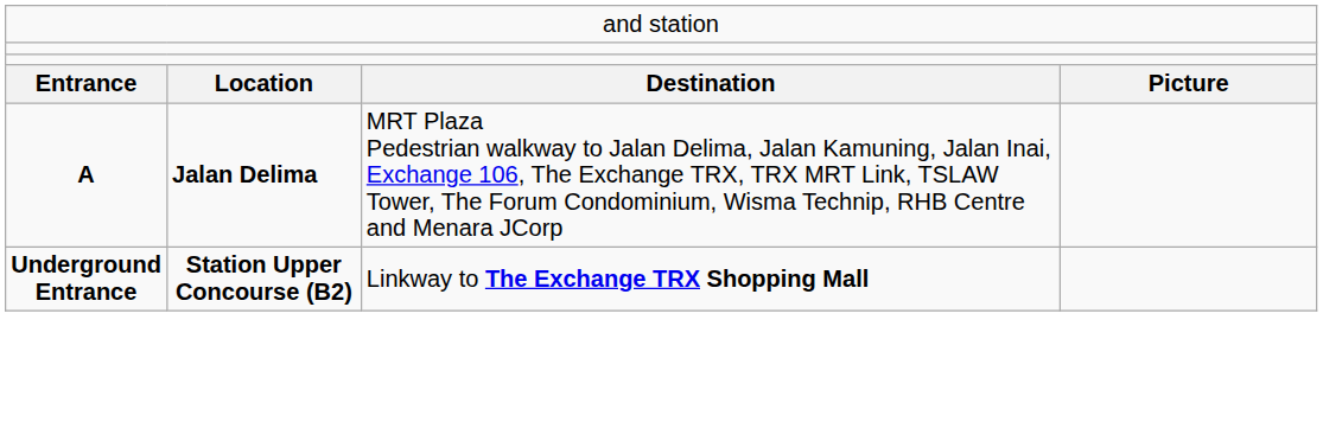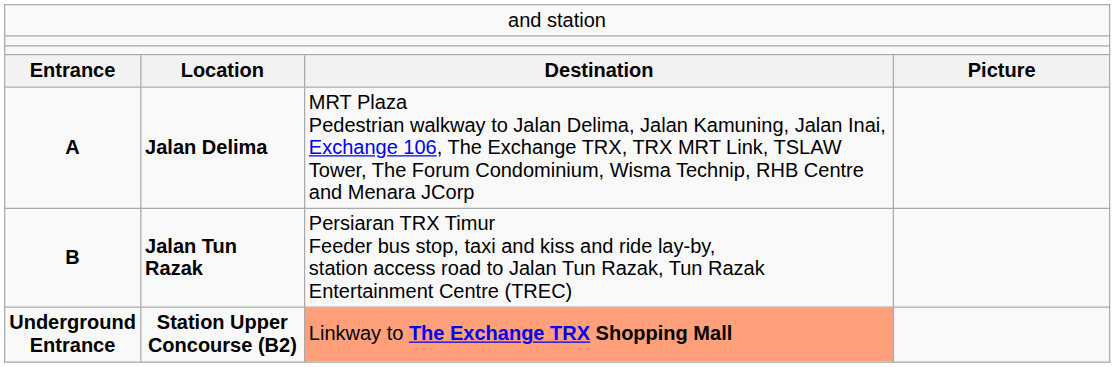 <table class="wikitable" style="width:70%">
 <tr>
 <td colspan=4 align="center"> and  station</td>
 </tr>
 <tr>
 <td colspan=4 align="center" bgcolor=></td>
 </tr>
 <tr>
 <td colspan=4 align="center" bgcolor=></td>
 </tr>
 <tr>
 <th style="width:10%">Entrance</th>
 <th style="width:15%">Location</th>
 <th style="width:55%">Destination</th>
 <th style="width:20%">Picture</th>
 </tr>
 <tr>
 <td align="center"><strong><span>A</span></strong></td>
 <td><strong>Jalan Delima</strong></td>
 <td>MRT Plaza<br>Pedestrian walkway to Jalan Delima, Jalan Kamuning, Jalan Inai,  <a href='#'>Exchange 106</a>, The Exchange TRX, TRX MRT Link, TSLAW Tower, The Forum Condominium, Wisma Technip, RHB Centre and Menara JCorp</td>
 <td></td>
 </tr>
 <tr>
+<td align="center"><strong><span>B</span></strong></td>
+<td><strong>Jalan Tun Razak</strong></td>
+<td>Persiaran TRX Timur<br>Feeder bus stop, taxi and kiss and ride lay-by, <br>station access road to Jalan Tun Razak, Tun Razak Entertainment Centre (TREC)</td>
+<td></td>
+</tr>
+<tr>
 <td align="center"><strong>Underground Entrance</strong></td>
 <td align="center"><strong>Station Upper Concourse (B2)</strong></td>
-<td>Linkway to <strong><a href='#'>The Exchange TRX</a> Shopping Mall</strong></td>
+<td style="background: lightsalmon;">Linkway to <strong><a href='#'>The Exchange TRX</a> Shopping Mall</strong></td>
 <td></td>
 </tr>
 </table>
